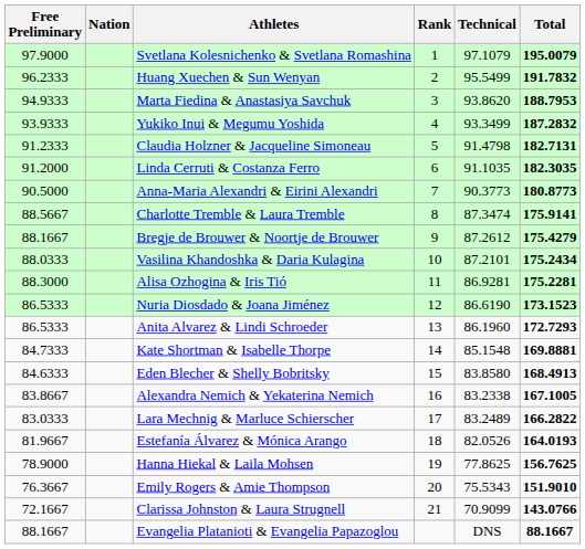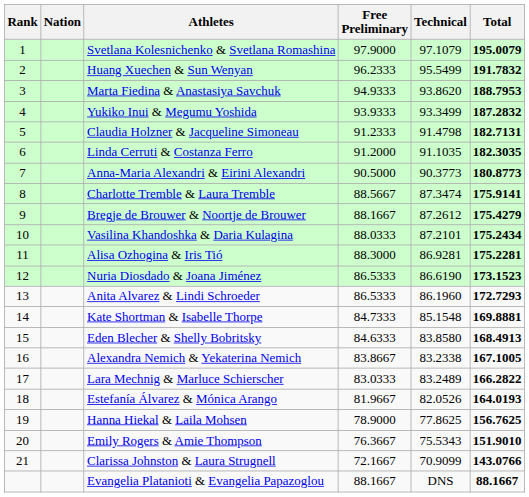 <table class="wikitable sortable" style="text-align:center">
 <tr>
-<th>Free <br>Preliminary</th>
+<th>Rank</th>
 <th>Nation</th>
 <th>Athletes</th>
-<th>Rank</th>
+<th>Free <br>Preliminary</th>
 <th>Technical</th>
 <th>Total</th>
 </tr>
 <tr bgcolor=ccffcc>
-<td>97.9000</td>
+<td>1</td>
 <td align=left></td>
 <td align=left><a href='#'>Svetlana Kolesnichenko</a> & <a href='#'>Svetlana Romashina</a></td>
-<td>1</td>
+<td>97.9000</td>
 <td>97.1079</td>
 <td><strong>195.0079</strong></td>
 </tr>
 <tr bgcolor=ccffcc>
-<td>96.2333</td>
+<td>2</td>
 <td align=left></td>
 <td align=left><a href='#'>Huang Xuechen</a> & <a href='#'>Sun Wenyan</a></td>
-<td>2</td>
+<td>96.2333</td>
 <td>95.5499</td>
 <td><strong>191.7832</strong></td>
 </tr>
 <tr bgcolor=ccffcc>
-<td>94.9333</td>
+<td>3</td>
 <td align=left></td>
 <td align=left><a href='#'>Marta Fiedina</a> & <a href='#'>Anastasiya Savchuk</a></td>
-<td>3</td>
+<td>94.9333</td>
 <td>93.8620</td>
 <td><strong>188.7953</strong></td>
 </tr>
 <tr bgcolor=ccffcc>
-<td>93.9333</td>
+<td>4</td>
 <td align=left></td>
 <td align=left><a href='#'>Yukiko Inui</a> & <a href='#'>Megumu Yoshida</a></td>
-<td>4</td>
+<td>93.9333</td>
 <td>93.3499</td>
 <td><strong>187.2832</strong></td>
 </tr>
 <tr bgcolor=ccffcc>
-<td>91.2333</td>
+<td>5</td>
 <td align=left></td>
 <td align=left><a href='#'>Claudia Holzner</a> & <a href='#'>Jacqueline Simoneau</a></td>
-<td>5</td>
+<td>91.2333</td>
 <td>91.4798</td>
 <td><strong>182.7131</strong></td>
 </tr>
 <tr bgcolor=ccffcc>
-<td>91.2000</td>
+<td>6</td>
 <td align=left></td>
 <td align=left><a href='#'>Linda Cerruti</a> & <a href='#'>Costanza Ferro</a></td>
-<td>6</td>
+<td>91.2000</td>
 <td>91.1035</td>
 <td><strong>182.3035</strong></td>
 </tr>
 <tr bgcolor=ccffcc>
-<td>90.5000</td>
+<td>7</td>
 <td align=left></td>
 <td align=left><a href='#'>Anna-Maria Alexandri</a> & <a href='#'>Eirini Alexandri</a></td>
-<td>7</td>
+<td>90.5000</td>
 <td>90.3773</td>
 <td><strong>180.8773</strong></td>
 </tr>
 <tr bgcolor=ccffcc>
-<td>88.5667</td>
+<td>8</td>
 <td align=left></td>
 <td align=left><a href='#'>Charlotte Tremble</a> & <a href='#'>Laura Tremble</a></td>
-<td>8</td>
+<td>88.5667</td>
 <td>87.3474</td>
 <td><strong>175.9141</strong></td>
 </tr>
 <tr bgcolor=ccffcc>
-<td>88.1667</td>
+<td>9</td>
 <td align=left></td>
 <td align=left><a href='#'>Bregje de Brouwer</a> & <a href='#'>Noortje de Brouwer</a></td>
-<td>9</td>
+<td>88.1667</td>
 <td>87.2612</td>
 <td><strong>175.4279</strong></td>
 </tr>
 <tr bgcolor=ccffcc>
-<td>88.0333</td>
+<td>10</td>
 <td align=left></td>
 <td align=left><a href='#'>Vasilina Khandoshka</a> & <a href='#'>Daria Kulagina</a></td>
-<td>10</td>
+<td>88.0333</td>
 <td>87.2101</td>
 <td><strong>175.2434</strong></td>
 </tr>
 <tr bgcolor=ccffcc>
-<td>88.3000</td>
+<td>11</td>
 <td align=left></td>
 <td align=left><a href='#'>Alisa Ozhogina</a> & <a href='#'>Iris Tió</a></td>
-<td>11</td>
+<td>88.3000</td>
 <td>86.9281</td>
 <td><strong>175.2281</strong></td>
 </tr>
 <tr bgcolor=ccffcc>
-<td>86.5333</td>
+<td>12</td>
 <td align=left></td>
 <td align=left><a href='#'>Nuria Diosdado</a> & <a href='#'>Joana Jiménez</a></td>
-<td>12</td>
+<td>86.5333</td>
 <td>86.6190</td>
 <td><strong>173.1523</strong></td>
 </tr>
 <tr>
-<td>86.5333</td>
+<td>13</td>
 <td align=left></td>
 <td align=left><a href='#'>Anita Alvarez</a> & <a href='#'>Lindi Schroeder</a></td>
-<td>13</td>
+<td>86.5333</td>
 <td>86.1960</td>
 <td><strong>172.7293</strong></td>
 </tr>
 <tr>
-<td>84.7333</td>
+<td>14</td>
 <td align=left></td>
 <td align=left><a href='#'>Kate Shortman</a> & <a href='#'>Isabelle Thorpe</a></td>
-<td>14</td>
+<td>84.7333</td>
 <td>85.1548</td>
 <td><strong>169.8881</strong></td>
 </tr>
 <tr>
-<td>84.6333</td>
+<td>15</td>
 <td align=left></td>
 <td align=left><a href='#'>Eden Blecher</a> & <a href='#'>Shelly Bobritsky</a></td>
-<td>15</td>
+<td>84.6333</td>
 <td>83.8580</td>
 <td><strong>168.4913</strong></td>
 </tr>
 <tr>
-<td>83.8667</td>
+<td>16</td>
 <td align=left></td>
 <td align=left><a href='#'>Alexandra Nemich</a> & <a href='#'>Yekaterina Nemich</a></td>
-<td>16</td>
+<td>83.8667</td>
 <td>83.2338</td>
 <td><strong>167.1005</strong></td>
 </tr>
 <tr>
-<td>83.0333</td>
+<td>17</td>
 <td align=left></td>
 <td align=left><a href='#'>Lara Mechnig</a> & <a href='#'>Marluce Schierscher</a></td>
-<td>17</td>
+<td>83.0333</td>
 <td>83.2489</td>
 <td><strong>166.2822</strong></td>
 </tr>
 <tr>
-<td>81.9667</td>
+<td>18</td>
 <td align=left></td>
 <td align=left><a href='#'>Estefanía Álvarez</a> & <a href='#'>Mónica Arango</a></td>
-<td>18</td>
+<td>81.9667</td>
 <td>82.0526</td>
 <td><strong>164.0193</strong></td>
 </tr>
 <tr>
-<td>78.9000</td>
+<td>19</td>
 <td align=left></td>
 <td align=left><a href='#'>Hanna Hiekal</a> & <a href='#'>Laila Mohsen</a></td>
-<td>19</td>
+<td>78.9000</td>
 <td>77.8625</td>
 <td><strong>156.7625</strong></td>
 </tr>
 <tr>
-<td>76.3667</td>
+<td>20</td>
 <td align=left></td>
 <td align=left><a href='#'>Emily Rogers</a> & <a href='#'>Amie Thompson</a></td>
-<td>20</td>
+<td>76.3667</td>
 <td>75.5343</td>
 <td><strong>151.9010</strong></td>
 </tr>
 <tr>
-<td>72.1667</td>
+<td>21</td>
 <td align=left></td>
 <td align=left><a href='#'>Clarissa Johnston</a> & <a href='#'>Laura Strugnell</a></td>
-<td>21</td>
+<td>72.1667</td>
 <td>70.9099</td>
 <td><strong>143.0766</strong></td>
 </tr>
 <tr>
-<td>88.1667</td>
+<td></td>
 <td align=left></td>
 <td align=left><a href='#'>Evangelia Platanioti</a> & <a href='#'>Evangelia Papazoglou</a></td>
-<td></td>
+<td>88.1667</td>
 <td>DNS</td>
 <td><strong>88.1667</strong></td>
 </tr>
 </table>
